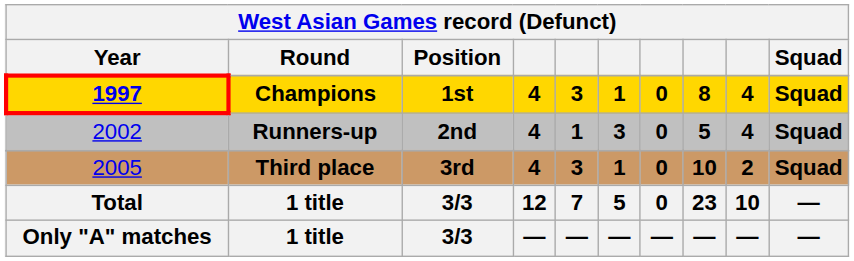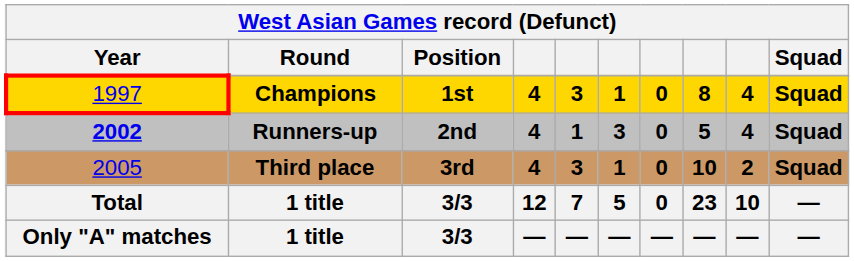 <table class="wikitable" style="text-align: center;">
 <tr>
 <th colspan=10><a href='#'>West Asian Games</a> record (Defunct)</th>
 </tr>
 <tr>
 <th width="175">Year</th>
 <th width="125">Round</th>
 <th width="75">Position</th>
 <th width="25"></th>
 <th width="25"></th>
 <th width="25"></th>
 <th width="25"></th>
 <th width="25"></th>
 <th width="25"></th>
 <th width="50">Squad</th>
 </tr>
 <tr>
 </tr>
 <tr bgcolor=gold>
-<td style="border: 3px solid red"><strong> <a href='#'>1997</a></strong></td>
+<td style="border: 3px solid red"> <a href='#'>1997</a></td>
 <td><strong>Champions</strong></td>
 <td><strong>1st</strong></td>
 <td><strong>4</strong></td>
 <td><strong>3</strong></td>
 <td><strong>1</strong></td>
 <td><strong>0</strong></td>
 <td><strong>8</strong></td>
 <td><strong>4</strong></td>
 <td><strong>Squad</strong></td>
 </tr>
 <tr bgcolor=silver>
-<td> <a href='#'>2002</a></td>
+<td><strong> <a href='#'>2002</a></strong></td>
 <td><strong>Runners-up</strong></td>
 <td><strong>2nd</strong></td>
 <td><strong>4</strong></td>
 <td><strong>1</strong></td>
 <td><strong>3</strong></td>
 <td><strong>0</strong></td>
 <td><strong>5</strong></td>
 <td><strong>4</strong></td>
 <td><strong>Squad</strong></td>
 </tr>
 <tr>
 </tr>
 <tr bgcolor=#C96>
 <td> <a href='#'>2005</a></td>
 <td><strong>Third place</strong></td>
 <td><strong>3rd</strong></td>
 <td><strong>4</strong></td>
 <td><strong>3</strong></td>
 <td><strong>1</strong></td>
 <td><strong>0</strong></td>
 <td><strong>10</strong></td>
 <td><strong>2</strong></td>
 <td><strong>Squad</strong></td>
 </tr>
 <tr>
 <th><strong>Total</strong></th>
 <th><strong>1 title</strong></th>
 <th><strong>3/3</strong></th>
 <th><strong>12</strong></th>
 <th><strong>7</strong></th>
 <th><strong>5</strong></th>
 <th><strong>0</strong></th>
 <th><strong>23</strong></th>
 <th><strong>10</strong></th>
 <th><strong>—</strong></th>
 </tr>
 <tr>
 <th>Only "A" matches</th>
 <th>1 title</th>
 <th>3/3</th>
 <th>—</th>
 <th>—</th>
 <th>—</th>
 <th>—</th>
 <th>—</th>
 <th>—</th>
 <th>—</th>
 </tr>
 </table>
